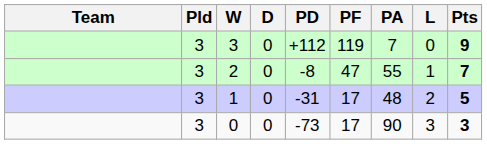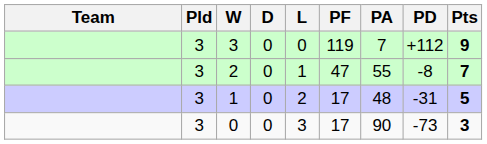 <table class="wikitable" style="text-align:center;">
 <tr>
 <th width=160>Team</th>
 <th width=25 abbr="Played">Pld</th>
 <th width=25 abbr="Won">W</th>
 <th width=25 abbr="Drawn">D</th>
-<th width=32 abbr="Points difference">PD</th>
+<th width=25 abbr="Lost">L</th>
 <th width=32 abbr="Points for">PF</th>
 <th width=32 abbr="Points against">PA</th>
-<th width=25 abbr="Lost">L</th>
+<th width=32 abbr="Points difference">PD</th>
 <th width=25 abbr="Points">Pts</th>
 </tr>
 <tr bgcolor=ccffcc>
 <td align=left></td>
 <td>3</td>
 <td>3</td>
 <td>0</td>
-<td>+112</td>
+<td>0</td>
 <td>119</td>
 <td>7</td>
-<td>0</td>
+<td>+112</td>
 <td><strong>9</strong></td>
 </tr>
 <tr bgcolor=ccffcc>
 <td align=left></td>
 <td>3</td>
 <td>2</td>
 <td>0</td>
-<td>-8</td>
+<td>1</td>
 <td>47</td>
 <td>55</td>
-<td>1</td>
+<td>-8</td>
 <td><strong>7</strong></td>
 </tr>
 <tr bgcolor=ccccff>
 <td align=left></td>
 <td>3</td>
 <td>1</td>
 <td>0</td>
-<td>-31</td>
+<td>2</td>
 <td>17</td>
 <td>48</td>
-<td>2</td>
+<td>-31</td>
 <td><strong>5</strong></td>
 </tr>
 <tr>
 <td align=left></td>
 <td>3</td>
 <td>0</td>
 <td>0</td>
-<td>-73</td>
+<td>3</td>
 <td>17</td>
 <td>90</td>
-<td>3</td>
+<td>-73</td>
 <td><strong>3</strong></td>
 </tr>
 </table>
